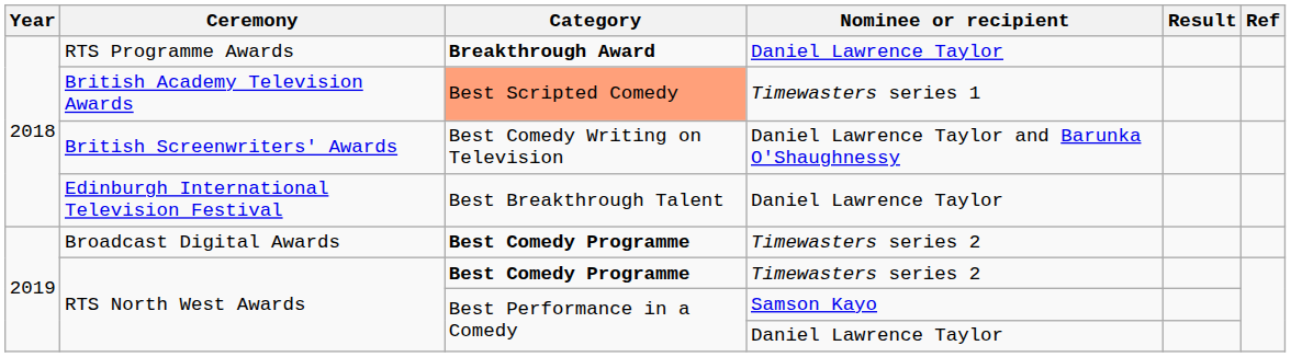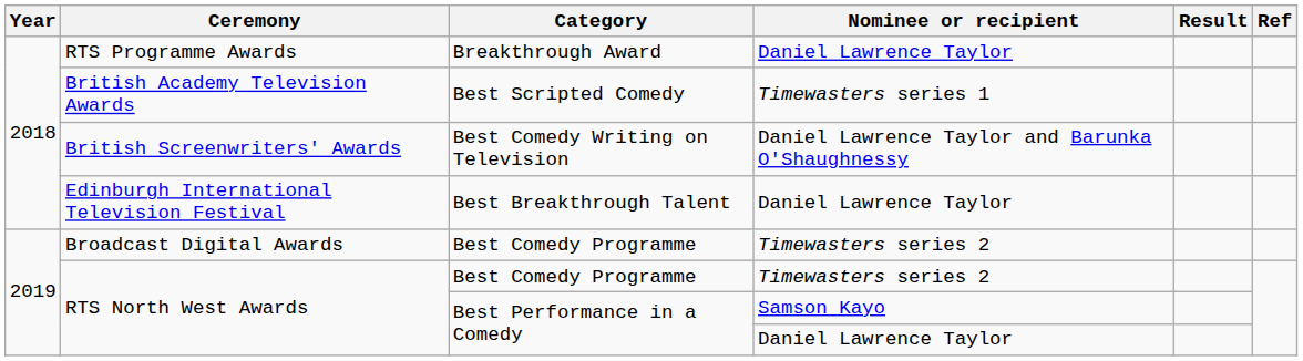 <table class="wikitable">
 <tr>
 <th style="text-align:center;">Year</th>
 <th style="text-align:center;">Ceremony</th>
 <th style="text-align:center;">Category</th>
 <th style="text-align:center;">Nominee or recipient</th>
 <th style="text-align:center;">Result</th>
 <th style="text-align:center;">Ref</th>
 </tr>
 <tr>
 <td rowspan="4">2018</td>
 <td>RTS Programme Awards</td>
-<td><strong>Breakthrough Award</strong></td>
+<td>Breakthrough Award</td>
 <td><a href='#'>Daniel Lawrence Taylor</a></td>
 <td></td>
 <td></td>
 </tr>
 <tr>
 <td><a href='#'>British Academy Television Awards</a></td>
-<td style="background: lightsalmon;">Best Scripted Comedy</td>
+<td>Best Scripted Comedy</td>
 <td><em>Timewasters</em> series 1</td>
 <td></td>
 <td></td>
 </tr>
 <tr>
 <td><a href='#'>British Screenwriters' Awards</a></td>
 <td>Best Comedy Writing on Television</td>
 <td>Daniel Lawrence Taylor and <a href='#'>Barunka O'Shaughnessy</a></td>
 <td></td>
 <td></td>
 </tr>
 <tr>
 <td><a href='#'>Edinburgh International Television Festival</a></td>
 <td>Best Breakthrough Talent</td>
 <td>Daniel Lawrence Taylor</td>
 <td></td>
 <td></td>
 </tr>
 <tr>
 <td rowspan="4">2019</td>
 <td>Broadcast Digital Awards</td>
-<td><strong>Best Comedy Programme</strong></td>
+<td>Best Comedy Programme</td>
 <td><em>Timewasters</em> series 2</td>
 <td></td>
 <td></td>
 </tr>
 <tr>
 <td rowspan="3">RTS North West Awards</td>
-<td><strong>Best Comedy Programme</strong></td>
+<td>Best Comedy Programme</td>
 <td><em>Timewasters</em> series 2</td>
 <td></td>
 <td rowspan="3"></td>
 </tr>
 <tr>
 <td rowspan="2">Best Performance in a Comedy</td>
 <td><a href='#'>Samson Kayo</a></td>
 <td></td>
 </tr>
 <tr>
 <td>Daniel Lawrence Taylor</td>
 <td></td>
 </tr>
 </table>
